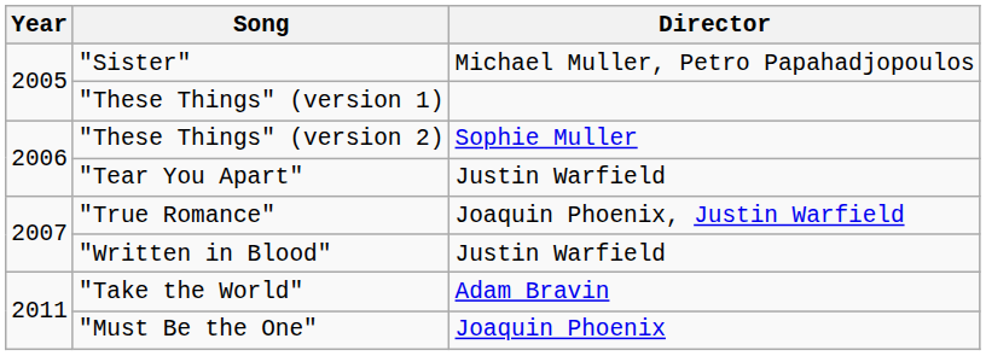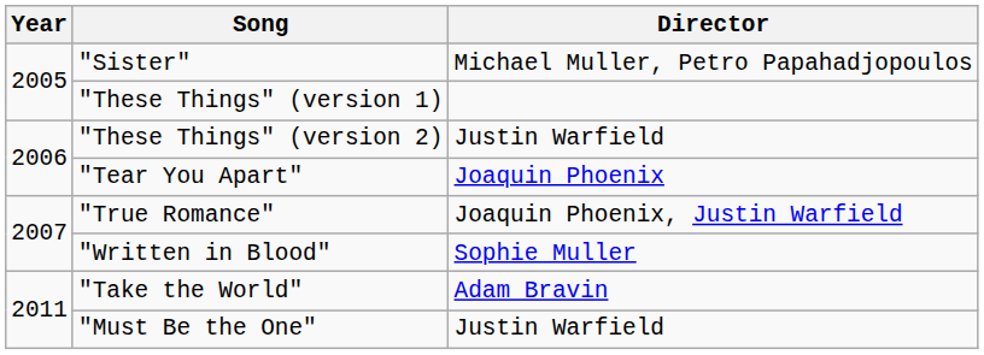 <table class="wikitable">
 <tr>
 <th>Year</th>
 <th>Song</th>
 <th>Director</th>
 </tr>
 <tr>
 <td rowspan="2">2005</td>
 <td>"Sister"</td>
 <td>Michael Muller, Petro Papahadjopoulos</td>
 </tr>
 <tr>
 <td>"These Things" (version 1)</td>
 <td></td>
 </tr>
 <tr>
 <td rowspan="2">2006</td>
 <td>"These Things" (version 2)</td>
-<td><a href='#'>Sophie Muller</a></td>
+<td>Justin Warfield</td>
 </tr>
 <tr>
 <td>"Tear You Apart"</td>
-<td>Justin Warfield</td>
+<td><a href='#'>Joaquin Phoenix</a></td>
 </tr>
 <tr>
 <td rowspan="2">2007</td>
 <td>"True Romance"</td>
 <td>Joaquin Phoenix, <a href='#'>Justin Warfield</a></td>
 </tr>
 <tr>
 <td>"Written in Blood"</td>
-<td>Justin Warfield</td>
+<td><a href='#'>Sophie Muller</a></td>
 </tr>
 <tr>
 <td rowspan="2">2011</td>
 <td>"Take the World"</td>
 <td><a href='#'>Adam Bravin</a></td>
 </tr>
 <tr>
 <td>"Must Be the One"</td>
-<td><a href='#'>Joaquin Phoenix</a></td>
+<td>Justin Warfield</td>
 </tr>
 </table>
